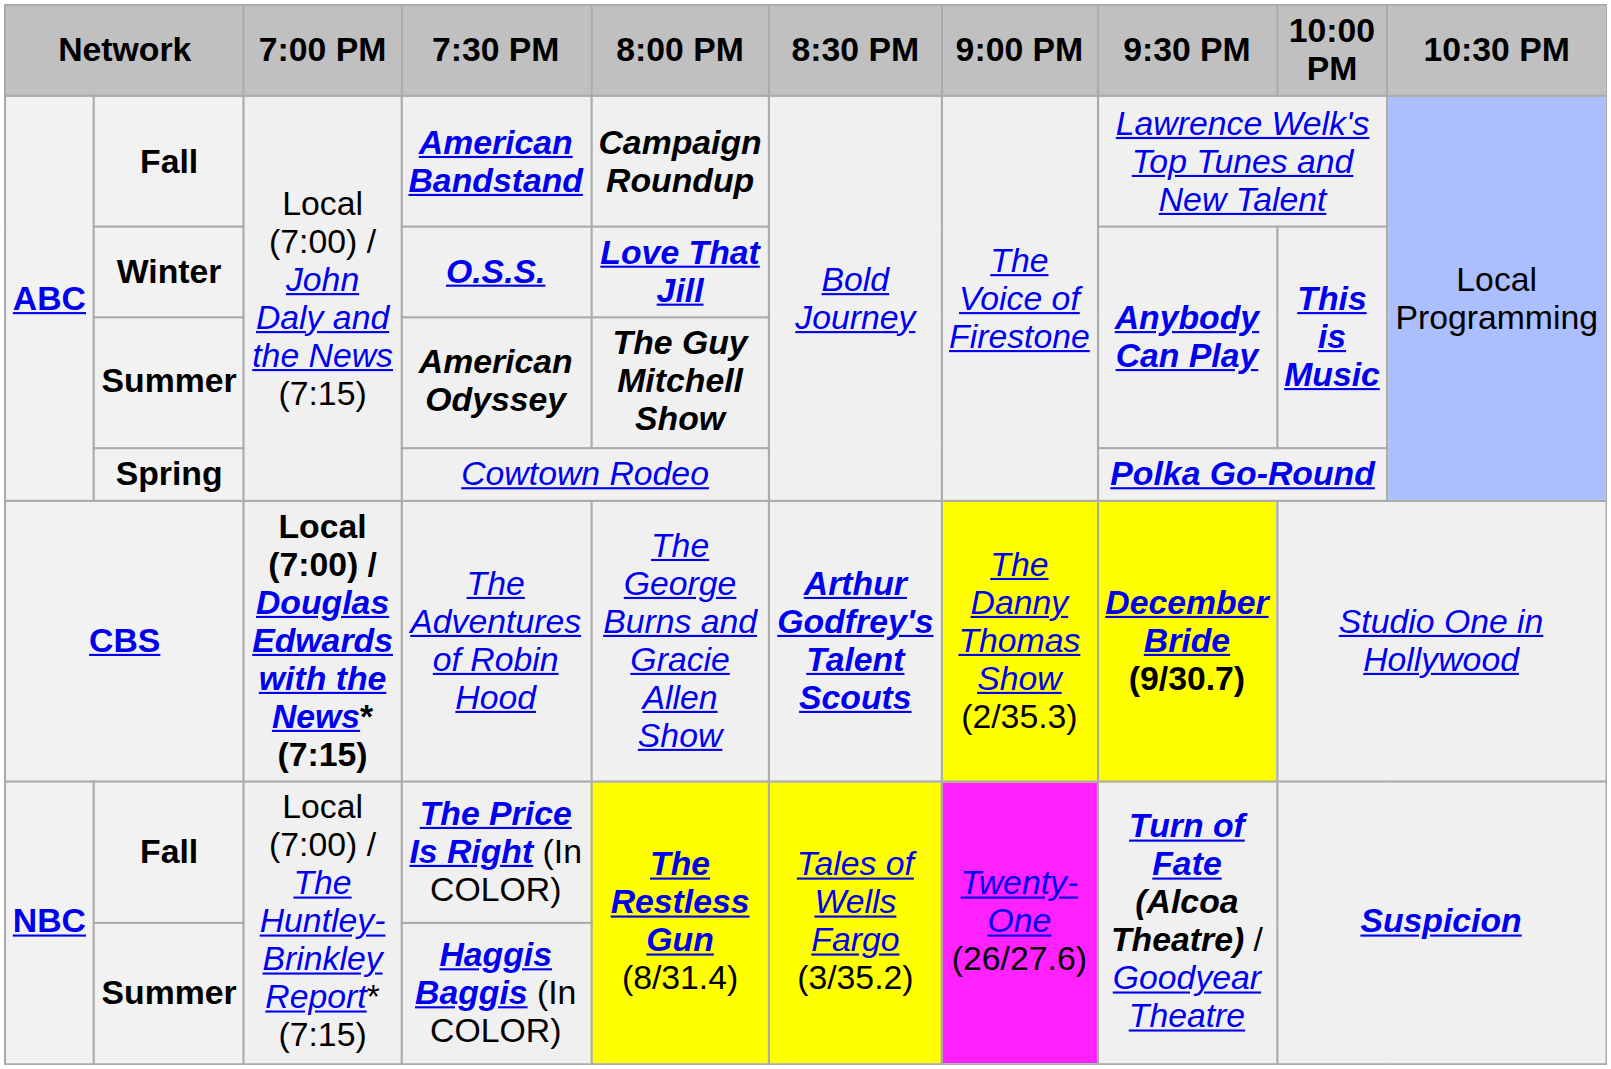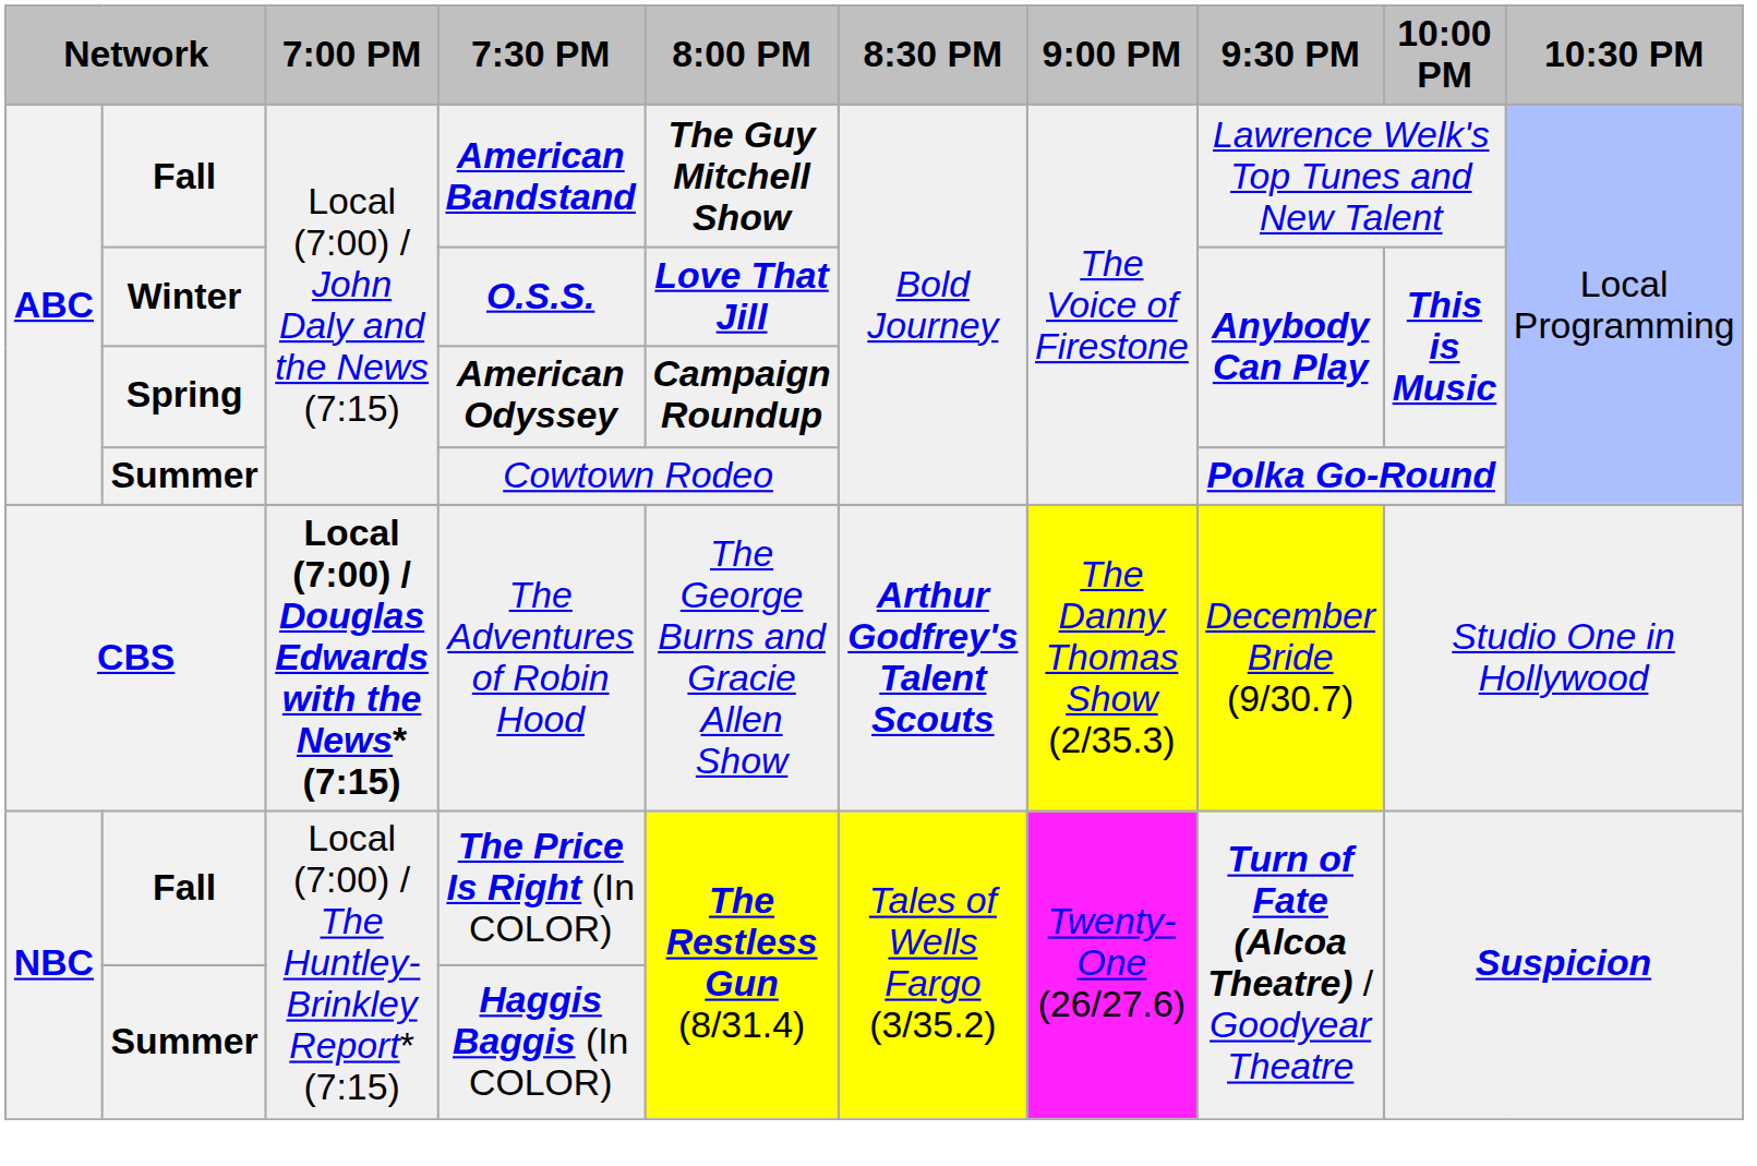 <table class="wikitable" style="width:100%;margin-right:0;text-align:center">
 <tr>
 <th colspan="2" style="background-color:#C0C0C0;text-align:center">Network</th>
 <th style="background-color:#C0C0C0;text-align:center">7:00 PM</th>
 <th style="background-color:#C0C0C0;text-align:center">7:30 PM</th>
 <th style="background-color:#C0C0C0;text-align:center">8:00 PM</th>
 <th style="background-color:#C0C0C0;text-align:center">8:30 PM</th>
 <th style="background-color:#C0C0C0;text-align:center">9:00 PM</th>
 <th style="background-color:#C0C0C0;text-align:center">9:30 PM</th>
 <th style="background-color:#C0C0C0;text-align:center">10:00 PM</th>
 <th style="background-color:#C0C0C0;text-align:center">10:30 PM</th>
 </tr>
 <tr>
 <th bgcolor="#C0C0C0" rowspan="4"><a href='#'>ABC</a></th>
 <th>Fall</th>
 <td bgcolor="#F0F0F0" rowspan="4">Local (7:00) / <em><a href='#'>John Daly and the News</a></em> (7:15)</td>
 <td bgcolor="#F0F0F0"><strong><em><a href='#'>American Bandstand</a></em></strong></td>
-<td bgcolor="#F0F0F0"><strong><em>Campaign Roundup</em></strong></td>
+<td bgcolor="#F0F0F0"><strong><em>The Guy Mitchell Show</em></strong></td>
 <td bgcolor="#F0F0F0" rowspan="4"><em><a href='#'>Bold Journey</a></em></td>
 <td bgcolor="#F0F0F0" rowspan="4"><em><a href='#'>The Voice of Firestone</a></em></td>
 <td colspan="2" bgcolor="#F0F0F0"><em><a href='#'>Lawrence Welk's Top Tunes and New Talent</a></em></td>
 <td bgcolor="#ABBFFF" rowspan="4">Local Programming</td>
 </tr>
 <tr>
 <th>Winter</th>
 <td bgcolor="#F0F0F0"><strong><em><a href='#'>O.S.S.</a></em></strong></td>
 <td bgcolor="#F0F0F0"><strong><em><a href='#'>Love That Jill</a></em></strong></td>
 <td bgcolor="#F0F0F0" rowspan="2"><strong><em><a href='#'>Anybody Can Play</a></em></strong></td>
 <td bgcolor="#F0F0F0" rowspan="2"><strong><em><a href='#'>This is Music</a></em></strong></td>
 </tr>
 <tr>
-<th>Summer</th>
+<th>Spring</th>
 <td bgcolor="#F0F0F0"><strong><em>American Odyssey</em></strong></td>
-<td bgcolor="#F0F0F0"><strong><em>The Guy Mitchell Show</em></strong></td>
+<td bgcolor="#F0F0F0"><strong><em>Campaign Roundup</em></strong></td>
 </tr>
 <tr>
-<th>Spring</th>
+<th>Summer</th>
 <td bgcolor="#F0F0F0" colspan="2"><em><a href='#'>Cowtown Rodeo</a></em></td>
 <td bgcolor="#F0F0F0" colspan="2"><strong><em><a href='#'>Polka Go-Round</a></em></strong></td>
 </tr>
 <tr>
 <th bgcolor="#C0C0C0" colspan="2"><a href='#'>CBS</a></th>
 <td bgcolor="#F0F0F0"><strong>Local (7:00) / <em><a href='#'>Douglas Edwards with the News</a></em>* (7:15)</strong></td>
 <td bgcolor="#F0F0F0"><em><a href='#'>The Adventures of Robin Hood</a></em></td>
 <td bgcolor="#F0F0F0"><em><a href='#'>The George Burns and Gracie Allen Show</a></em></td>
 <td bgcolor="#F0F0F0"><strong><em><a href='#'>Arthur Godfrey's Talent Scouts</a></em></strong></td>
 <td bgcolor="#FFFF00"><em><a href='#'>The Danny Thomas Show</a></em> (2/35.3)</td>
-<td bgcolor="#FFFF00"><strong><em><a href='#'>December Bride</a></em> (9/30.7)</strong></td>
+<td bgcolor="#FFFF00"><em><a href='#'>December Bride</a></em> (9/30.7)</td>
 <td colspan="2" bgcolor="#F0F0F0"><em><a href='#'>Studio One in Hollywood</a></em></td>
 </tr>
 <tr>
 <th bgcolor="#C0C0C0" rowspan="2"><a href='#'>NBC</a></th>
 <th>Fall</th>
 <td bgcolor="#F0F0F0" rowspan="2">Local (7:00) / <em><a href='#'>The Huntley-Brinkley Report</a></em>* (7:15)</td>
 <td bgcolor="#F0F0F0"><strong><em><a href='#'>The Price Is Right</a></em></strong> (In <span>C</span><span>O</span><span>L</span><span>O</span><span>R</span>)</td>
 <td bgcolor="#FFFF00" rowspan="2"><strong><em><a href='#'>The Restless Gun</a></em></strong> (8/31.4)</td>
 <td bgcolor="#FFFF00" rowspan="2"><em><a href='#'>Tales of Wells Fargo</a></em> (3/35.2)</td>
 <td bgcolor="#FF22FF" rowspan="2"><em><a href='#'>Twenty-One</a></em> (26/27.6)</td>
 <td bgcolor="#F0F0F0" rowspan="2"><strong><em><a href='#'>Turn of Fate</a> (Alcoa Theatre)</em></strong> / <em><a href='#'>Goodyear Theatre</a></em></td>
 <td colspan="2" bgcolor="#F0F0F0" rowspan="2"><strong><em><a href='#'>Suspicion</a></em></strong></td>
 </tr>
 <tr>
 <th>Summer</th>
 <td bgcolor="#F0F0F0"><strong><em><a href='#'>Haggis Baggis</a></em></strong> (In <span>C</span><span>O</span><span>L</span><span>O</span><span>R</span>)</td>
 </tr>
 </table>
